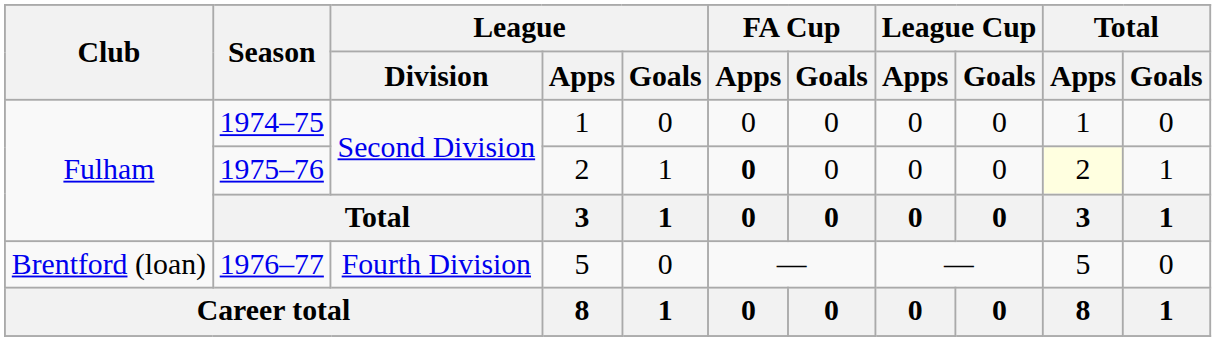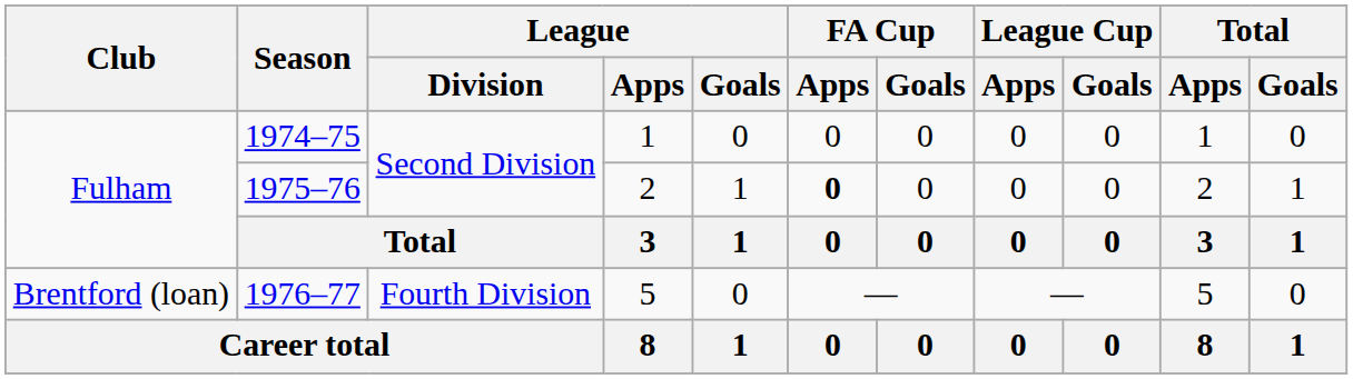 <table class="wikitable" style="text-align: center;">
 <tr>
 <th rowspan="2">Club</th>
 <th rowspan="2">Season</th>
 <th colspan="3">League</th>
 <th colspan="2">FA Cup</th>
 <th colspan="2">League Cup</th>
 <th colspan="2">Total</th>
 </tr>
 <tr>
 <th>Division</th>
 <th>Apps</th>
 <th>Goals</th>
 <th>Apps</th>
 <th>Goals</th>
 <th>Apps</th>
 <th>Goals</th>
 <th>Apps</th>
 <th>Goals</th>
 </tr>
 <tr>
 <td rowspan="3"><a href='#'>Fulham</a></td>
 <td><a href='#'>1974–75</a></td>
 <td rowspan="2"><a href='#'>Second Division</a></td>
 <td>1</td>
 <td>0</td>
 <td>0</td>
 <td>0</td>
 <td>0</td>
 <td>0</td>
 <td>1</td>
 <td>0</td>
 </tr>
 <tr>
 <td><a href='#'>1975–76</a></td>
 <td>2</td>
 <td>1</td>
 <td><strong>0</strong></td>
 <td>0</td>
 <td>0</td>
 <td>0</td>
-<td style="background: lightyellow;">2</td>
+<td>2</td>
 <td>1</td>
 </tr>
 <tr>
 <th colspan="2">Total</th>
 <th>3</th>
 <th>1</th>
 <th>0</th>
 <th>0</th>
 <th>0</th>
 <th>0</th>
 <th>3</th>
 <th>1</th>
 </tr>
 <tr>
 <td><a href='#'>Brentford</a> (loan)</td>
 <td><a href='#'>1976–77</a></td>
 <td><a href='#'>Fourth Division</a></td>
 <td>5</td>
 <td>0</td>
 <td colspan="2">—</td>
 <td colspan="2">—</td>
 <td>5</td>
 <td>0</td>
 </tr>
 <tr>
 <th colspan="3">Career total</th>
 <th>8</th>
 <th>1</th>
 <th>0</th>
 <th>0</th>
 <th>0</th>
 <th>0</th>
 <th>8</th>
 <th>1</th>
 </tr>
 </table>
